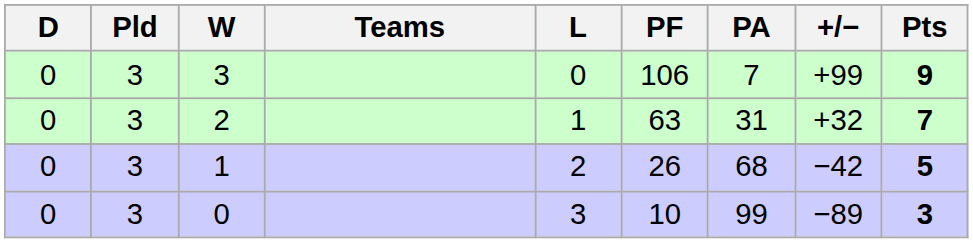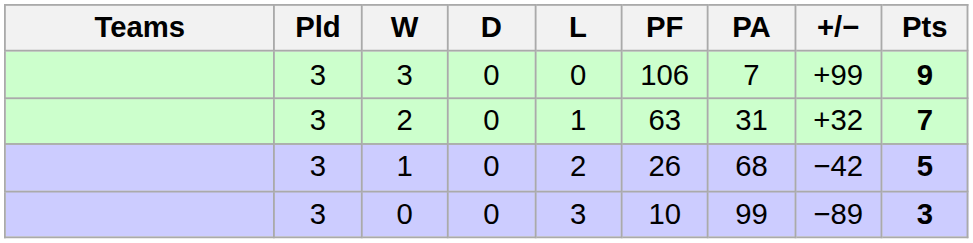 <table class="wikitable" style="text-align: center;">
 <tr>
-<th width="40">D</th>
+<th width="140">Teams</th>
 <th width="40">Pld</th>
 <th width="40">W</th>
-<th width="140">Teams</th>
+<th width="40">D</th>
 <th width="40">L</th>
 <th width="40">PF</th>
 <th width="40">PA</th>
 <th width="40">+/−</th>
 <th width="40">Pts</th>
 </tr>
 <tr bgcolor=ccffcc>
-<td>0</td>
+<td align=left></td>
 <td>3</td>
 <td>3</td>
-<td align=left></td>
+<td>0</td>
 <td>0</td>
 <td>106</td>
 <td>7</td>
 <td>+99</td>
 <td><strong>9</strong></td>
 </tr>
 <tr bgcolor=ccffcc>
-<td>0</td>
+<td align=left></td>
 <td>3</td>
 <td>2</td>
-<td align=left></td>
+<td>0</td>
 <td>1</td>
 <td>63</td>
 <td>31</td>
 <td>+32</td>
 <td><strong>7</strong></td>
 </tr>
 <tr bgcolor=ccccff>
-<td>0</td>
+<td align=left></td>
 <td>3</td>
 <td>1</td>
-<td align=left></td>
+<td>0</td>
 <td>2</td>
 <td>26</td>
 <td>68</td>
 <td>−42</td>
 <td><strong>5</strong></td>
 </tr>
 <tr bgcolor=ccccff>
-<td>0</td>
+<td align=left></td>
 <td>3</td>
 <td>0</td>
-<td align=left></td>
+<td>0</td>
 <td>3</td>
 <td>10</td>
 <td>99</td>
 <td>−89</td>
 <td><strong>3</strong></td>
 </tr>
 </table>
